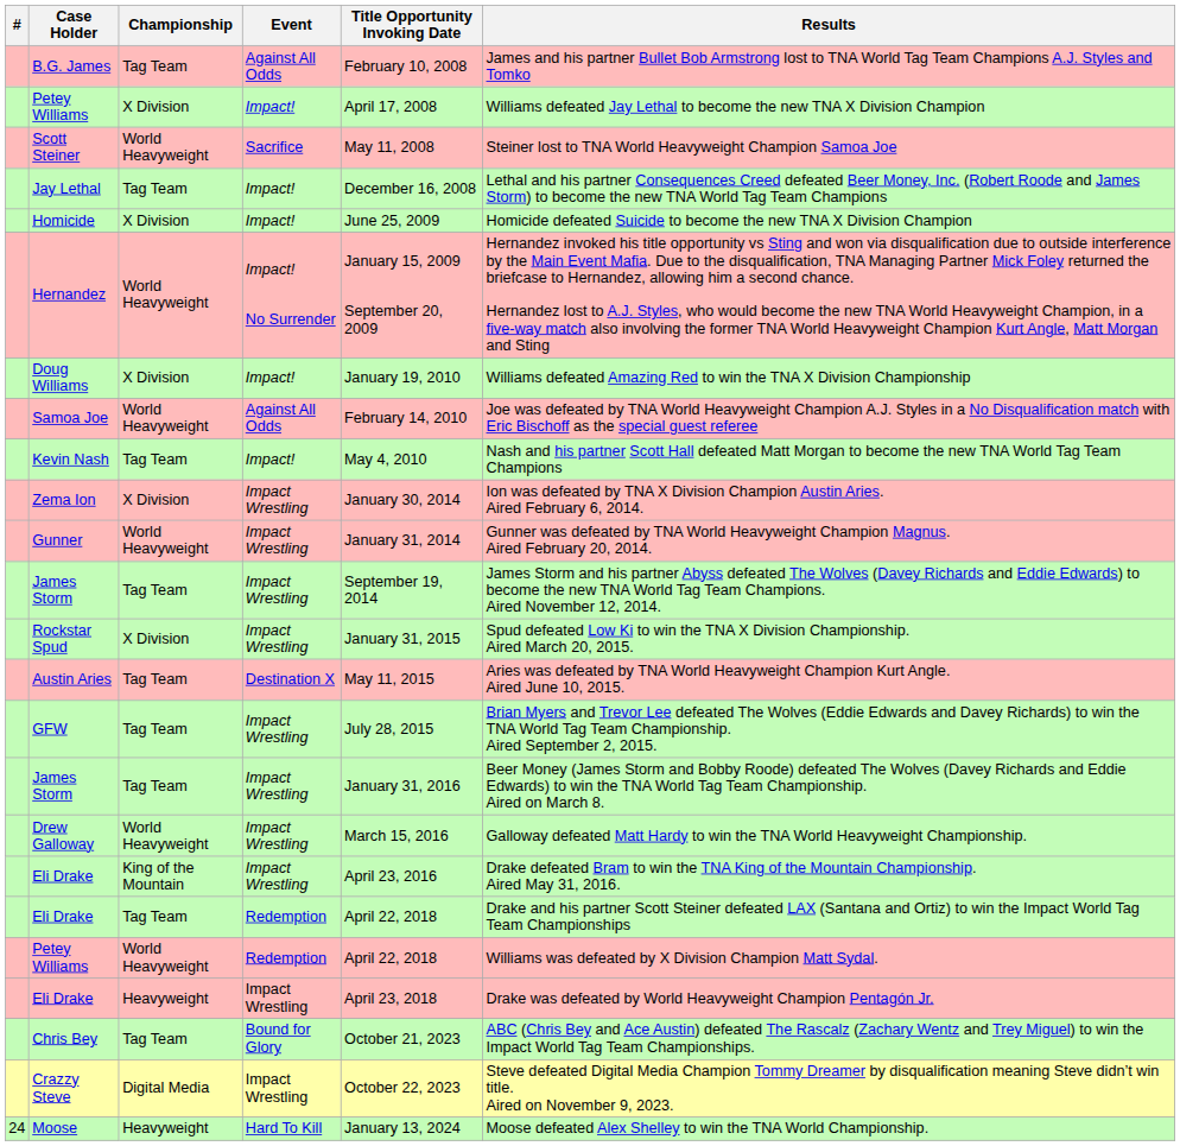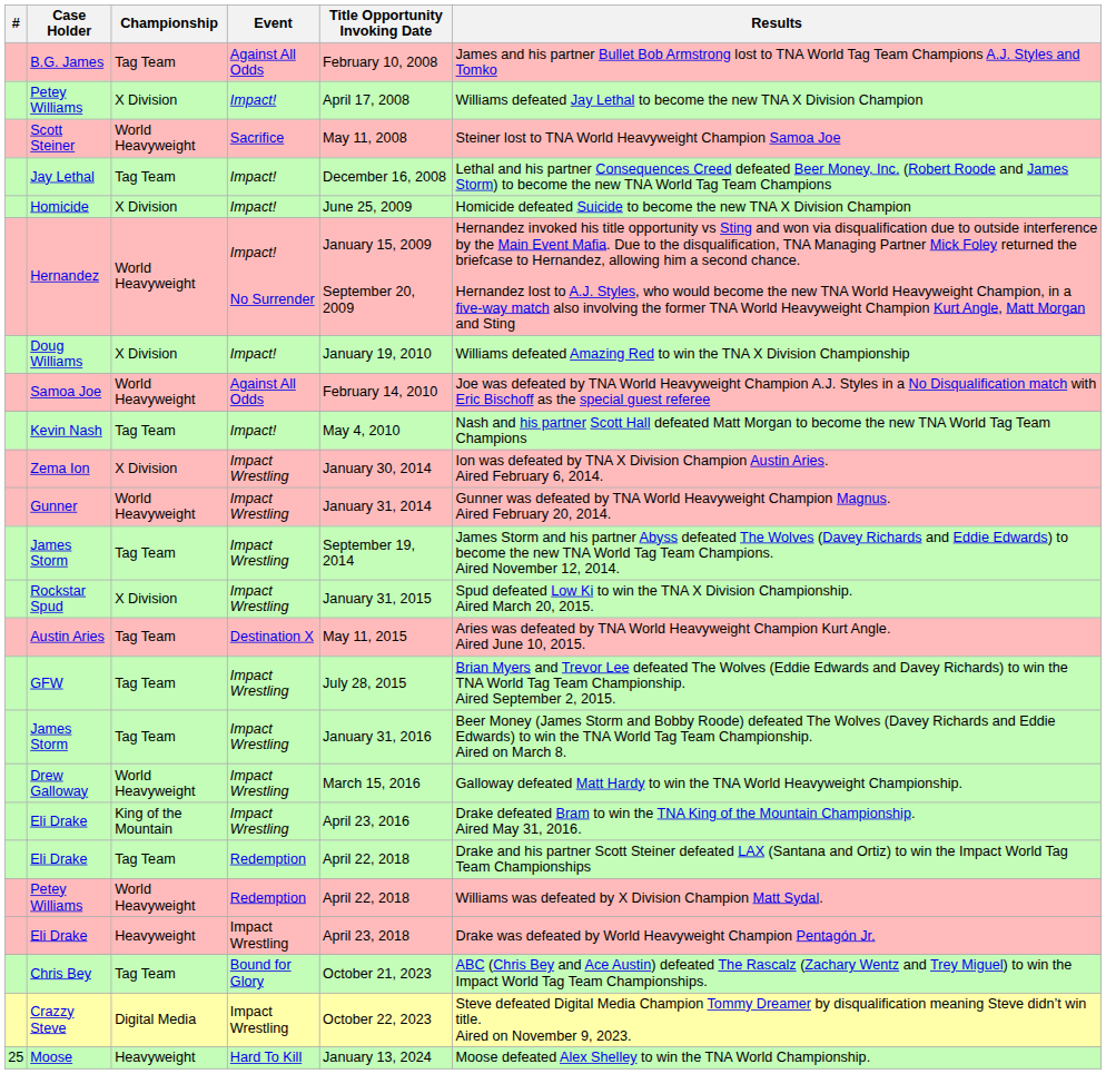 <table class="wikitable plainrowheaders sortable">
 <tr>
 <th scope=col>#</th>
 <th scope=col>Case Holder</th>
 <th scope=col>Championship</th>
 <th scope=col>Event</th>
 <th scope=col>Title Opportunity Invoking Date</th>
 <th scope=col>Results</th>
 </tr>
 <tr style="background:#fbb">
 <td></td>
 <td><a href='#'>B.G. James</a></td>
 <td>Tag Team</td>
 <td><a href='#'>Against All Odds</a></td>
 <td>February 10, 2008</td>
 <td>James and his partner <a href='#'>Bullet Bob Armstrong</a> lost to TNA World Tag Team Champions <a href='#'>A.J. Styles and Tomko</a></td>
 </tr>
 <tr style="background:#c3fdb8;">
 <td></td>
 <td><a href='#'>Petey Williams</a></td>
 <td>X Division</td>
 <td><em><a href='#'>Impact!</a></em></td>
 <td>April 17, 2008</td>
 <td>Williams defeated <a href='#'>Jay Lethal</a> to become the new TNA X Division Champion</td>
 </tr>
 <tr style="background:#fbb">
 <td></td>
 <td><a href='#'>Scott Steiner</a></td>
 <td>World Heavyweight</td>
 <td><a href='#'>Sacrifice</a></td>
 <td>May 11, 2008</td>
 <td>Steiner lost to TNA World Heavyweight Champion <a href='#'>Samoa Joe</a></td>
 </tr>
 <tr style="background:#c3fdb8;">
 <td></td>
 <td><a href='#'>Jay Lethal</a></td>
 <td>Tag Team</td>
 <td><em>Impact!</em></td>
 <td>December 16, 2008</td>
 <td>Lethal and his partner <a href='#'>Consequences Creed</a> defeated <a href='#'>Beer Money, Inc.</a> (<a href='#'>Robert Roode</a> and <a href='#'>James Storm</a>) to become the new TNA World Tag Team Champions</td>
 </tr>
 <tr style="background:#c3fdb8;">
 <td></td>
 <td><a href='#'>Homicide</a></td>
 <td>X Division</td>
 <td><em>Impact!</em></td>
 <td>June 25, 2009</td>
 <td>Homicide defeated <a href='#'>Suicide</a> to become the new TNA X Division Champion</td>
 </tr>
 <tr style="background:#fbb">
 <td></td>
 <td><a href='#'>Hernandez</a></td>
 <td>World Heavyweight</td>
 <td><em>Impact!</em><br><br><br><a href='#'>No Surrender</a></td>
 <td>January 15, 2009<br><br><br>September 20, 2009</td>
 <td>Hernandez invoked his title opportunity vs <a href='#'>Sting</a> and won via disqualification due to outside interference by the <a href='#'>Main Event Mafia</a>. Due to the disqualification, TNA Managing Partner <a href='#'>Mick Foley</a> returned the briefcase to Hernandez, allowing him a second chance.<br><br>Hernandez lost to <a href='#'>A.J. Styles</a>, who would become the new TNA World Heavyweight Champion, in a <a href='#'>five-way match</a> also involving the former TNA World Heavyweight Champion <a href='#'>Kurt Angle</a>, <a href='#'>Matt Morgan</a> and Sting</td>
 </tr>
 <tr style="background:#c3fdb8;">
 <td></td>
 <td><a href='#'>Doug Williams</a></td>
 <td>X Division</td>
 <td><em>Impact!</em></td>
 <td>January 19, 2010</td>
 <td>Williams defeated <a href='#'>Amazing Red</a> to win the TNA X Division Championship</td>
 </tr>
 <tr style="background:#fbb">
 <td></td>
 <td><a href='#'>Samoa Joe</a></td>
 <td>World Heavyweight</td>
 <td><a href='#'>Against All Odds</a></td>
 <td>February 14, 2010</td>
 <td>Joe was defeated by TNA World Heavyweight Champion A.J. Styles in a <a href='#'>No Disqualification match</a> with <a href='#'>Eric Bischoff</a> as the <a href='#'>special guest referee</a></td>
 </tr>
 <tr style="background:#c3fdb8;">
 <td></td>
 <td><a href='#'>Kevin Nash</a></td>
 <td>Tag Team</td>
 <td><em>Impact!</em></td>
 <td>May 4, 2010</td>
 <td>Nash and <a href='#'>his partner</a> <a href='#'>Scott Hall</a> defeated Matt Morgan to become the new TNA World Tag Team Champions</td>
 </tr>
 <tr style="background:#fbb">
 <td></td>
 <td><a href='#'>Zema Ion</a></td>
 <td>X Division</td>
 <td><em>Impact Wrestling</em></td>
 <td>January 30, 2014</td>
 <td>Ion was defeated by TNA X Division Champion <a href='#'>Austin Aries</a>.<br>Aired February 6, 2014.</td>
 </tr>
 <tr style="background:#fbb">
 <td></td>
 <td><a href='#'>Gunner</a></td>
 <td>World Heavyweight</td>
 <td><em>Impact Wrestling</em></td>
 <td>January 31, 2014</td>
 <td>Gunner was defeated by TNA World Heavyweight Champion <a href='#'>Magnus</a>.<br>Aired February 20, 2014.</td>
 </tr>
 <tr style="background:#c3fdb8;">
 <td></td>
 <td><a href='#'>James Storm</a></td>
 <td>Tag Team</td>
 <td><em>Impact Wrestling</em></td>
 <td>September 19, 2014</td>
 <td>James Storm and his partner <a href='#'>Abyss</a> defeated <a href='#'>The Wolves</a> (<a href='#'>Davey Richards</a> and <a href='#'>Eddie Edwards</a>) to become the new TNA World Tag Team Champions.<br>Aired November 12, 2014.</td>
 </tr>
 <tr style="background:#c3fdb8;">
 <td></td>
 <td><a href='#'>Rockstar Spud</a></td>
 <td>X Division</td>
 <td><em>Impact Wrestling</em></td>
 <td>January 31, 2015</td>
 <td>Spud defeated <a href='#'>Low Ki</a> to win the TNA X Division Championship.<br>Aired March 20, 2015.</td>
 </tr>
 <tr style="background:#fbb">
 <td></td>
 <td><a href='#'>Austin Aries</a></td>
 <td>Tag Team</td>
 <td><a href='#'>Destination X</a></td>
 <td>May 11, 2015</td>
 <td>Aries was defeated by TNA World Heavyweight Champion Kurt Angle.<br>Aired June 10, 2015.</td>
 </tr>
 <tr style="background:#c3fdb8;">
 <td></td>
 <td><a href='#'>GFW</a></td>
 <td>Tag Team</td>
 <td><em>Impact Wrestling</em></td>
 <td>July 28, 2015</td>
 <td><a href='#'>Brian Myers</a> and <a href='#'>Trevor Lee</a> defeated The Wolves (Eddie Edwards and Davey Richards) to win the TNA World Tag Team Championship.<br>Aired September 2, 2015.</td>
 </tr>
 <tr style="background:#c3fdb8;">
 <td></td>
 <td><a href='#'>James Storm</a></td>
 <td>Tag Team</td>
 <td><em>Impact Wrestling</em></td>
 <td>January 31, 2016</td>
 <td>Beer Money (James Storm and Bobby Roode) defeated The Wolves (Davey Richards and Eddie Edwards) to win the TNA World Tag Team Championship.<br>Aired on March 8.</td>
 </tr>
 <tr style="background:#c3fdb8;">
 <td></td>
 <td><a href='#'>Drew Galloway</a></td>
 <td>World Heavyweight</td>
 <td><em>Impact Wrestling</em></td>
 <td>March 15, 2016</td>
 <td>Galloway defeated <a href='#'>Matt Hardy</a> to win the TNA World Heavyweight Championship.</td>
 </tr>
 <tr style="background:#c3fdb8;">
 <td></td>
 <td><a href='#'>Eli Drake</a></td>
 <td>King of the Mountain</td>
 <td><em>Impact Wrestling</em></td>
 <td>April 23, 2016</td>
 <td>Drake defeated <a href='#'>Bram</a> to win the <a href='#'>TNA King of the Mountain Championship</a>.<br>Aired May 31, 2016.</td>
 </tr>
 <tr style="background:#c3fdb8;">
 <td></td>
 <td><a href='#'>Eli Drake</a></td>
 <td>Tag Team</td>
 <td><a href='#'>Redemption</a></td>
 <td>April 22, 2018</td>
 <td>Drake and his partner Scott Steiner defeated <a href='#'>LAX</a> (Santana and Ortiz) to win the Impact World Tag Team Championships</td>
 </tr>
 <tr style="background:#fbb;">
 <td></td>
 <td><a href='#'>Petey Williams</a></td>
 <td>World Heavyweight</td>
 <td><a href='#'>Redemption</a></td>
 <td>April 22, 2018</td>
 <td>Williams was defeated by X Division Champion <a href='#'>Matt Sydal</a>.</td>
 </tr>
 <tr style="background:#fbb;">
 <td></td>
 <td><a href='#'>Eli Drake</a></td>
 <td>Heavyweight</td>
 <td>Impact Wrestling</td>
 <td>April 23, 2018</td>
 <td>Drake was defeated by World Heavyweight Champion <a href='#'>Pentagón Jr.</a></td>
 </tr>
 <tr style="background:#c3fdb8;">
 <td></td>
 <td><a href='#'>Chris Bey</a></td>
 <td>Tag Team</td>
 <td><a href='#'>Bound for Glory</a></td>
 <td>October 21, 2023</td>
 <td><a href='#'>ABC</a> (<a href='#'>Chris Bey</a> and <a href='#'>Ace Austin</a>) defeated <a href='#'>The Rascalz</a> (<a href='#'>Zachary Wentz</a> and <a href='#'>Trey Miguel</a>) to win the Impact World Tag Team Championships.</td>
 </tr>
 <tr style="background:#ffa;">
 <td></td>
 <td><a href='#'>Crazzy Steve</a></td>
 <td>Digital Media</td>
 <td>Impact Wrestling</td>
 <td>October 22, 2023</td>
 <td>Steve defeated Digital Media Champion <a href='#'>Tommy Dreamer</a> by disqualification meaning Steve didn’t win title.<br>Aired on November 9, 2023.</td>
 </tr>
 <tr style="background:#c3fdb8;">
-<td>24</td>
+<td>25</td>
 <td><a href='#'>Moose</a></td>
 <td>Heavyweight</td>
 <td><a href='#'>Hard To Kill</a></td>
 <td>January 13, 2024</td>
 <td>Moose defeated <a href='#'>Alex Shelley</a> to win the TNA World Championship.</td>
 </tr>
 </table>
